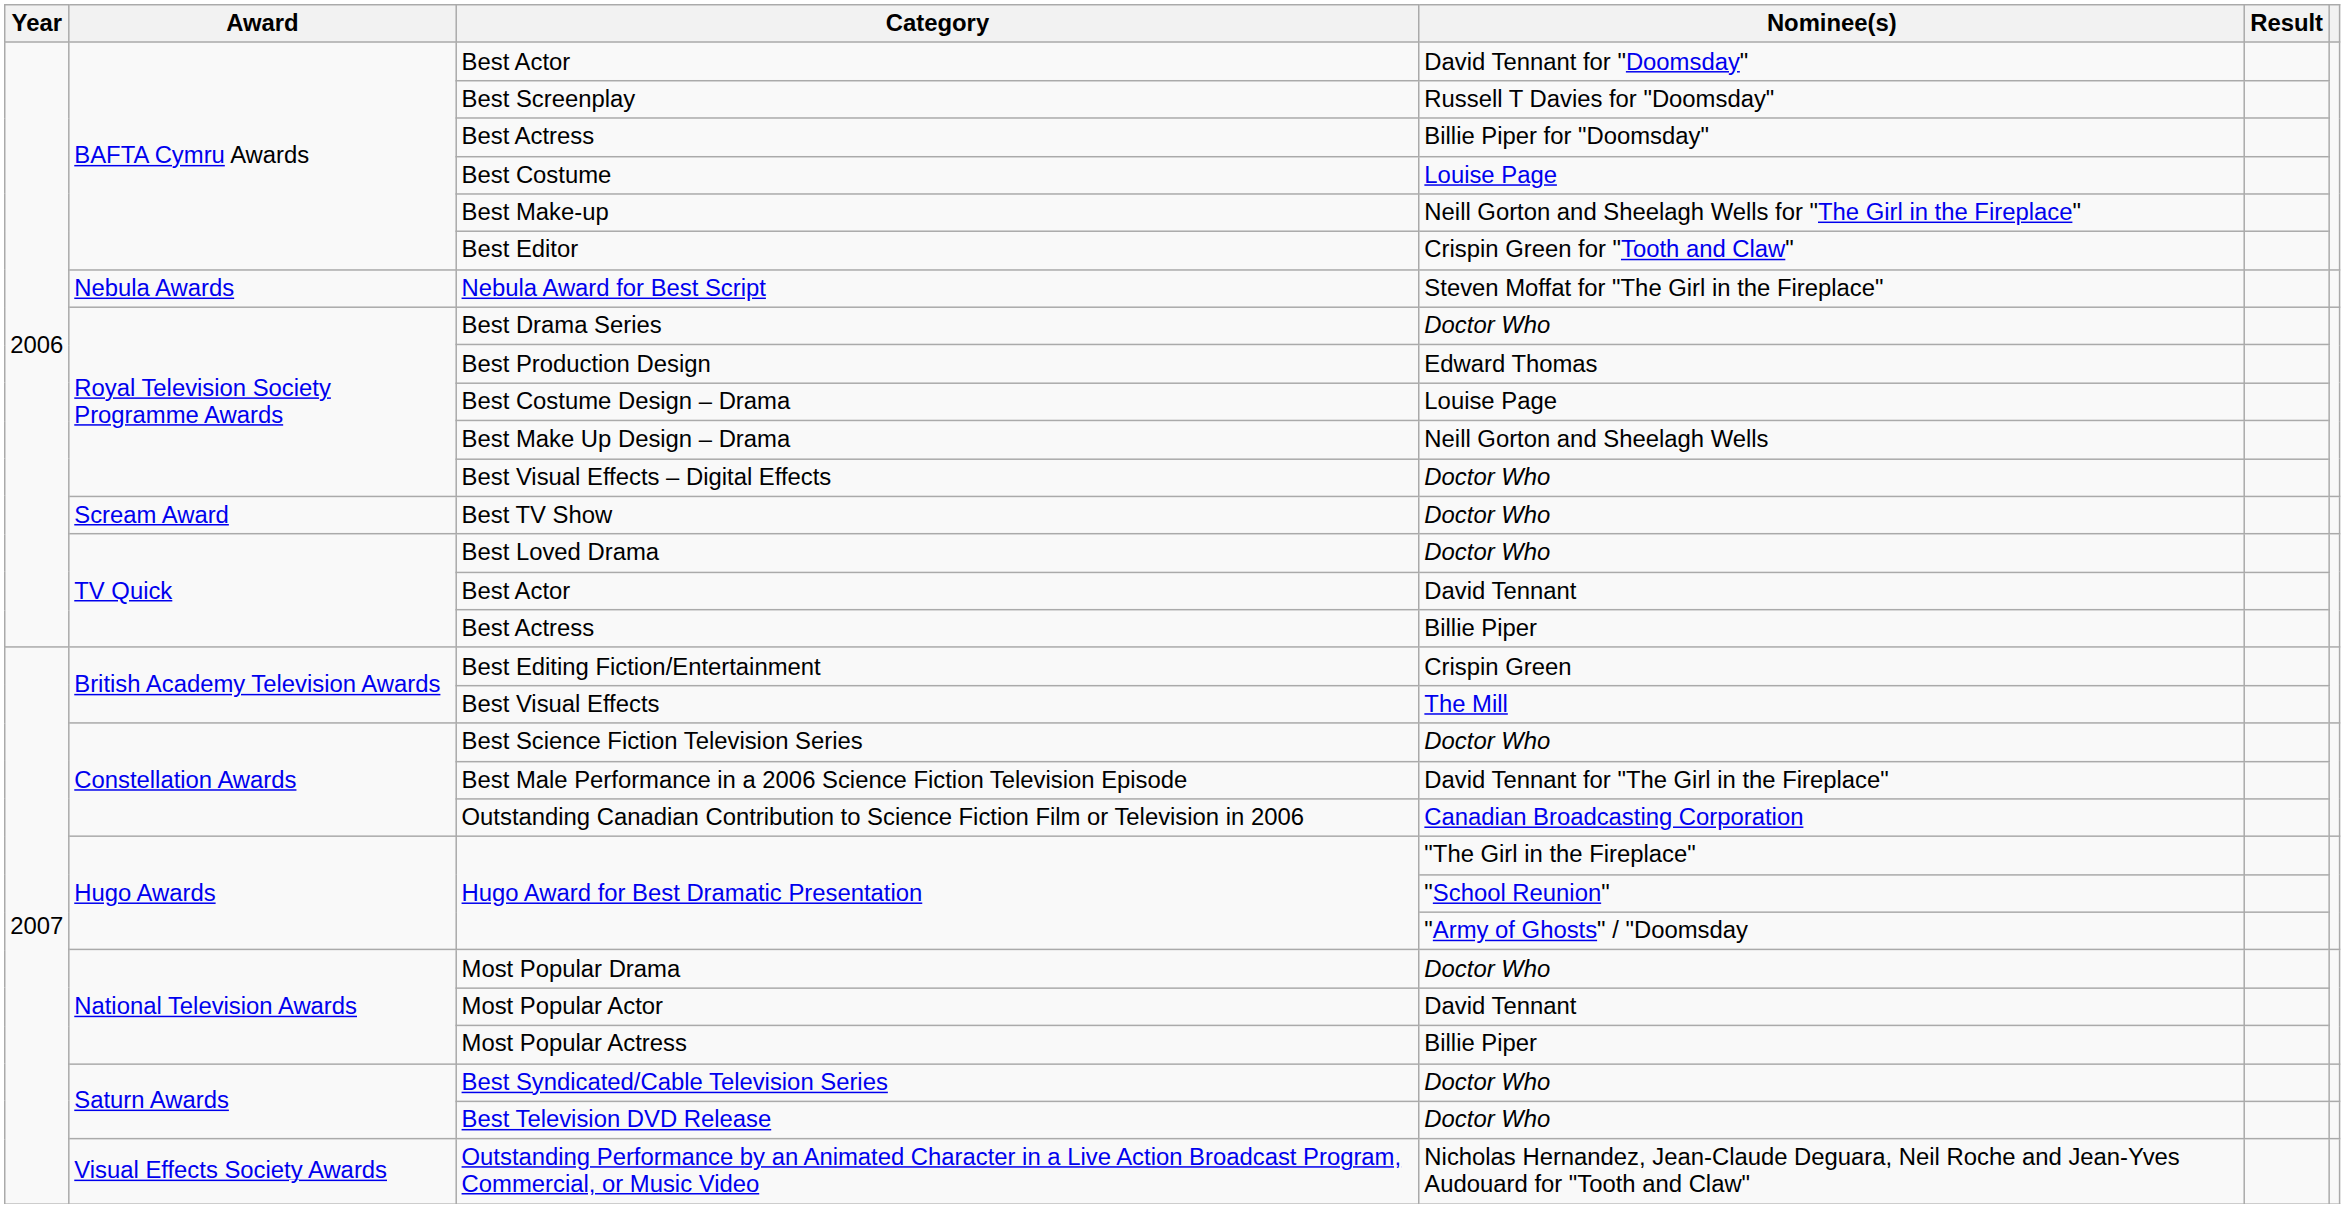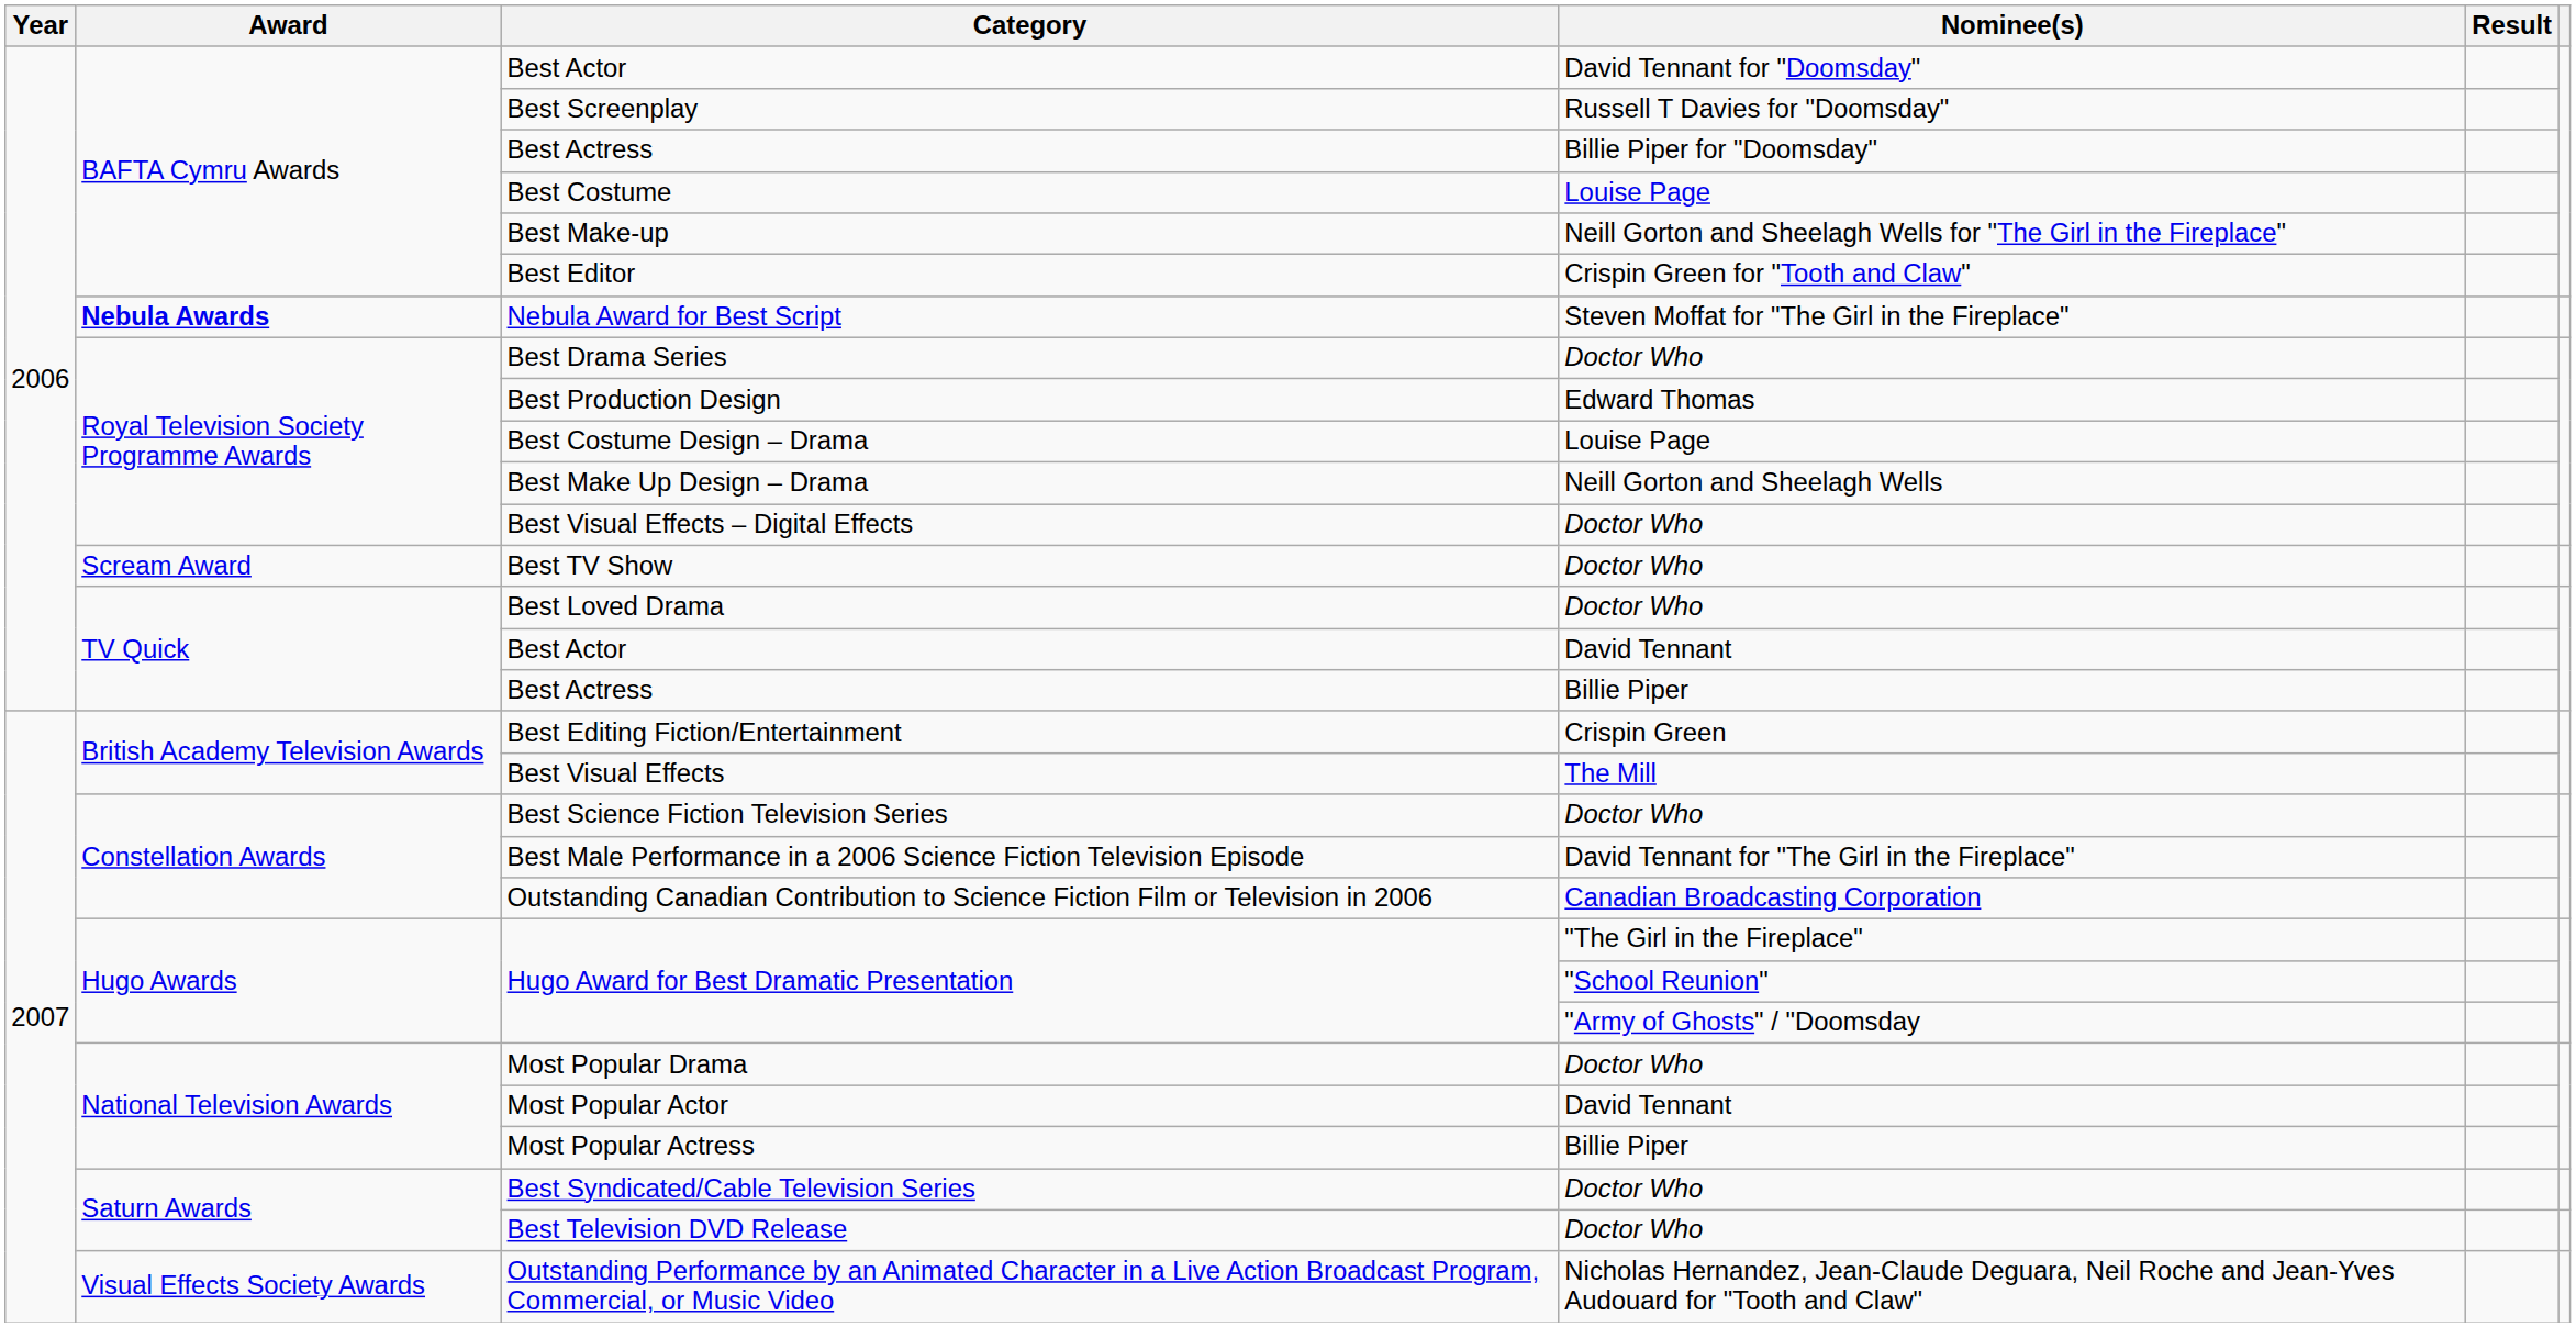 <table class="wikitable sortable">
 <tr>
 <th>Year</th>
 <th>Award</th>
 <th>Category</th>
 <th>Nominee(s)</th>
 <th>Result</th>
 <th></th>
 </tr>
 <tr>
 <td rowspan="16">2006</td>
 <td rowspan="6"><a href='#'>BAFTA Cymru</a> Awards</td>
 <td>Best Actor</td>
 <td data-sort-value="Tennant, David">David Tennant for "<a href='#'>Doomsday</a>"</td>
 <td></td>
 <td rowspan="6"></td>
 </tr>
 <tr>
 <td>Best Screenplay</td>
 <td data-sort-value="Davies, Russell T">Russell T Davies for "Doomsday"</td>
 <td></td>
 </tr>
 <tr>
 <td>Best Actress</td>
 <td data-sort-value="Piper, Billie">Billie Piper for "Doomsday"</td>
 <td></td>
 </tr>
 <tr>
 <td>Best Costume</td>
 <td data-sort-value="Page, Louise"><a href='#'>Louise Page</a></td>
 <td></td>
 </tr>
 <tr>
 <td>Best Make-up</td>
 <td data-sort-value="Gorton, Neill">Neill Gorton and Sheelagh Wells for "<a href='#'>The Girl in the Fireplace</a>"</td>
 <td></td>
 </tr>
 <tr>
 <td>Best Editor</td>
 <td data-sort-value="Green, Crispin">Crispin Green for "<a href='#'>Tooth and Claw</a>"</td>
 <td></td>
 </tr>
 <tr>
-<td><a href='#'>Nebula Awards</a></td>
+<td><strong><a href='#'>Nebula Awards</a></strong></td>
 <td><a href='#'>Nebula Award for Best Script</a></td>
 <td data-sort-value="Moffat Steven">Steven Moffat for "The Girl in the Fireplace"</td>
 <td></td>
 <td></td>
 </tr>
 <tr>
 <td rowspan="5"><a href='#'>Royal Television Society Programme Awards</a></td>
 <td>Best Drama Series</td>
 <td><em>Doctor Who</em></td>
 <td></td>
 <td rowspan="5"></td>
 </tr>
 <tr>
 <td>Best Production Design</td>
 <td data-sort-value="Thomas, Edward">Edward Thomas</td>
 <td></td>
 </tr>
 <tr>
 <td>Best Costume Design – Drama</td>
 <td data-sort-value="Page, Louise">Louise Page</td>
 <td></td>
 </tr>
 <tr>
 <td>Best Make Up Design – Drama</td>
 <td data-sort-value="Gorton, Neill">Neill Gorton and Sheelagh Wells</td>
 <td></td>
 </tr>
 <tr>
 <td>Best Visual Effects – Digital Effects</td>
 <td><em>Doctor Who</em></td>
 <td></td>
 </tr>
 <tr>
 <td><a href='#'>Scream Award</a></td>
 <td>Best TV Show</td>
 <td><em>Doctor Who</em></td>
 <td></td>
 <td></td>
 </tr>
 <tr>
 <td rowspan="3"><a href='#'>TV Quick</a></td>
 <td>Best Loved Drama</td>
 <td><em>Doctor Who</em></td>
 <td></td>
 <td rowspan="3"></td>
 </tr>
 <tr>
 <td>Best Actor</td>
 <td data-sort-value="Tennant, David">David Tennant</td>
 <td></td>
 </tr>
 <tr>
 <td>Best Actress</td>
 <td data-sort-value="Piper Billie">Billie Piper</td>
 <td></td>
 </tr>
 <tr>
 <td rowspan="14">2007</td>
 <td rowspan="2"><a href='#'>British Academy Television Awards</a></td>
 <td>Best Editing Fiction/Entertainment</td>
 <td data-sort-value="Green, Crispin">Crispin Green</td>
 <td></td>
 <td rowspan="2"></td>
 </tr>
 <tr>
 <td>Best Visual Effects</td>
 <td data-sort-value="Mill, The"><a href='#'>The Mill</a></td>
 <td></td>
 </tr>
 <tr>
 <td rowspan="3"><a href='#'>Constellation Awards</a></td>
 <td>Best Science Fiction Television Series</td>
 <td><em>Doctor Who</em></td>
 <td></td>
 <td rowspan="3"></td>
 </tr>
 <tr>
 <td>Best Male Performance in a 2006 Science Fiction Television Episode</td>
 <td data-sort-value="Tennant, David">David Tennant for "The Girl in the Fireplace"</td>
 <td></td>
 </tr>
 <tr>
 <td>Outstanding Canadian Contribution to Science Fiction Film or Television in 2006</td>
 <td><a href='#'>Canadian Broadcasting Corporation</a></td>
 <td></td>
 </tr>
 <tr>
 <td rowspan="3"><a href='#'>Hugo Awards</a></td>
 <td rowspan="3"><a href='#'>Hugo Award for Best Dramatic Presentation</a></td>
 <td data-sort-value="Girl in the Fireplace, The">"The Girl in the Fireplace"</td>
 <td></td>
 <td rowspan="3"></td>
 </tr>
 <tr>
 <td>"<a href='#'>School Reunion</a>"</td>
 <td></td>
 </tr>
 <tr>
 <td>"<a href='#'>Army of Ghosts</a>" / "Doomsday</td>
 <td></td>
 </tr>
 <tr>
 <td rowspan="3"><a href='#'>National Television Awards</a></td>
 <td>Most Popular Drama</td>
 <td><em>Doctor Who</em></td>
 <td></td>
 <td rowspan="3"></td>
 </tr>
 <tr>
 <td>Most Popular Actor</td>
 <td data-sort-value="Tennant, David">David Tennant</td>
 <td></td>
 </tr>
 <tr>
 <td>Most Popular Actress</td>
 <td data-sort-value="Piper, Billie">Billie Piper</td>
 <td></td>
 </tr>
 <tr>
 <td rowspan="2"><a href='#'>Saturn Awards</a></td>
 <td><a href='#'>Best Syndicated/Cable Television Series</a></td>
 <td><em>Doctor Who</em></td>
 <td></td>
 <td></td>
 </tr>
 <tr>
 <td><a href='#'>Best Television DVD Release</a></td>
 <td><em>Doctor Who</em></td>
 <td></td>
 <td></td>
 </tr>
 <tr>
 <td><a href='#'>Visual Effects Society Awards</a></td>
 <td><a href='#'>Outstanding Performance by an Animated Character in a Live Action Broadcast Program, Commercial, or Music Video</a></td>
 <td data-sort-value="Hernandez, Nicholas">Nicholas Hernandez, Jean-Claude Deguara, Neil Roche and Jean-Yves Audouard for "Tooth and Claw"</td>
 <td></td>
 <td></td>
 </tr>
 </table>
